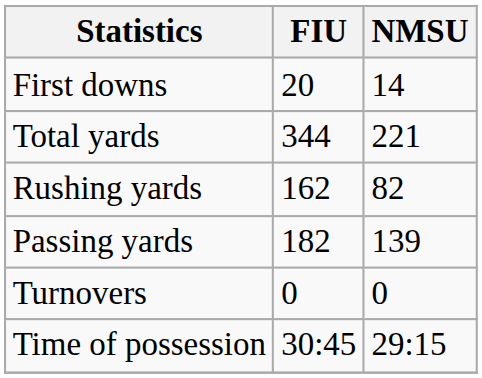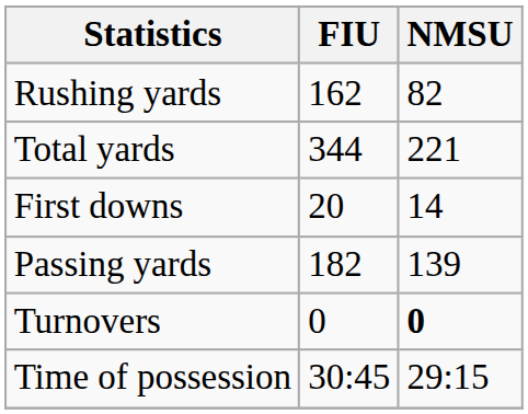 <table class="wikitable" style="float: left;">
 <tr>
 <th>Statistics</th>
 <th>FIU</th>
 <th>NMSU</th>
 </tr>
 <tr>
-<td>First downs</td>
-<td>20</td>
-<td>14</td>
+<td>Rushing yards</td>
+<td>162</td>
+<td>82</td>
 </tr>
 <tr>
 <td>Total yards</td>
 <td>344</td>
 <td>221</td>
 </tr>
 <tr>
-<td>Rushing yards</td>
-<td>162</td>
-<td>82</td>
+<td>First downs</td>
+<td>20</td>
+<td>14</td>
 </tr>
 <tr>
 <td>Passing yards</td>
 <td>182</td>
 <td>139</td>
 </tr>
 <tr>
 <td>Turnovers</td>
 <td>0</td>
-<td>0</td>
+<td><strong>0</strong></td>
 </tr>
 <tr>
 <td>Time of possession</td>
 <td>30:45</td>
 <td>29:15</td>
 </tr>
 <tr>
 </tr>
 </table>
